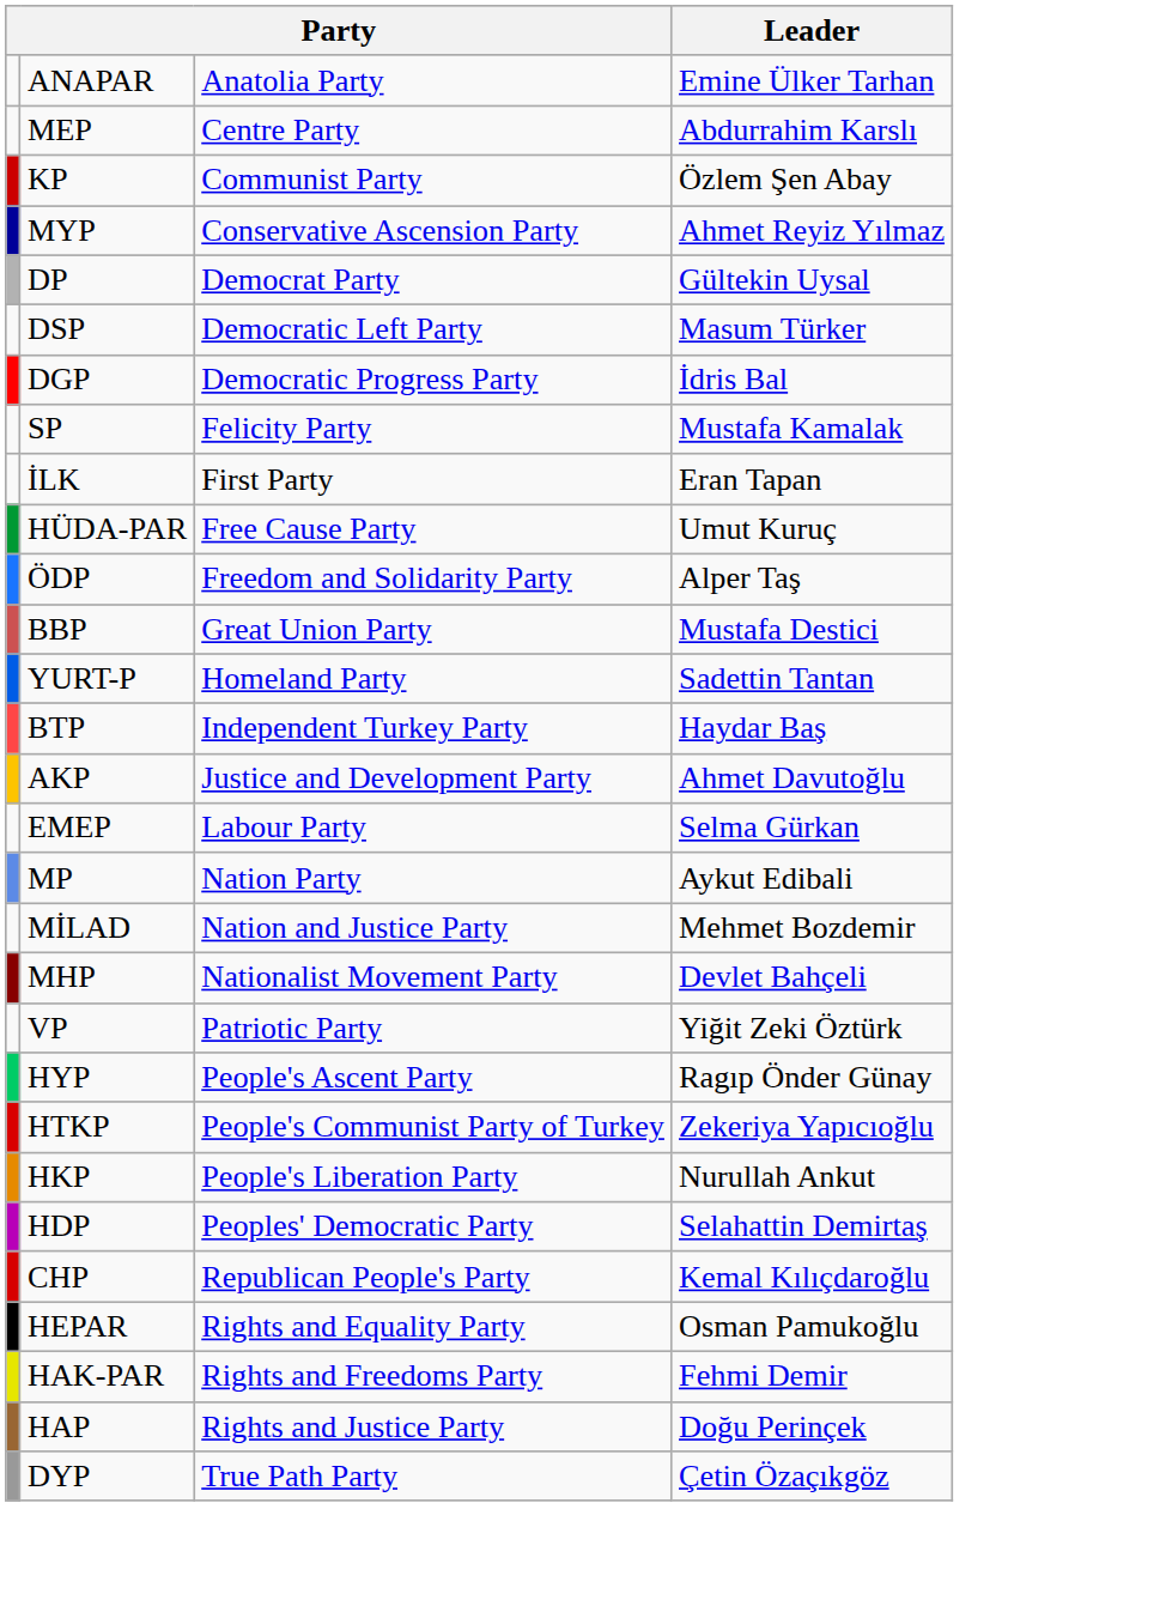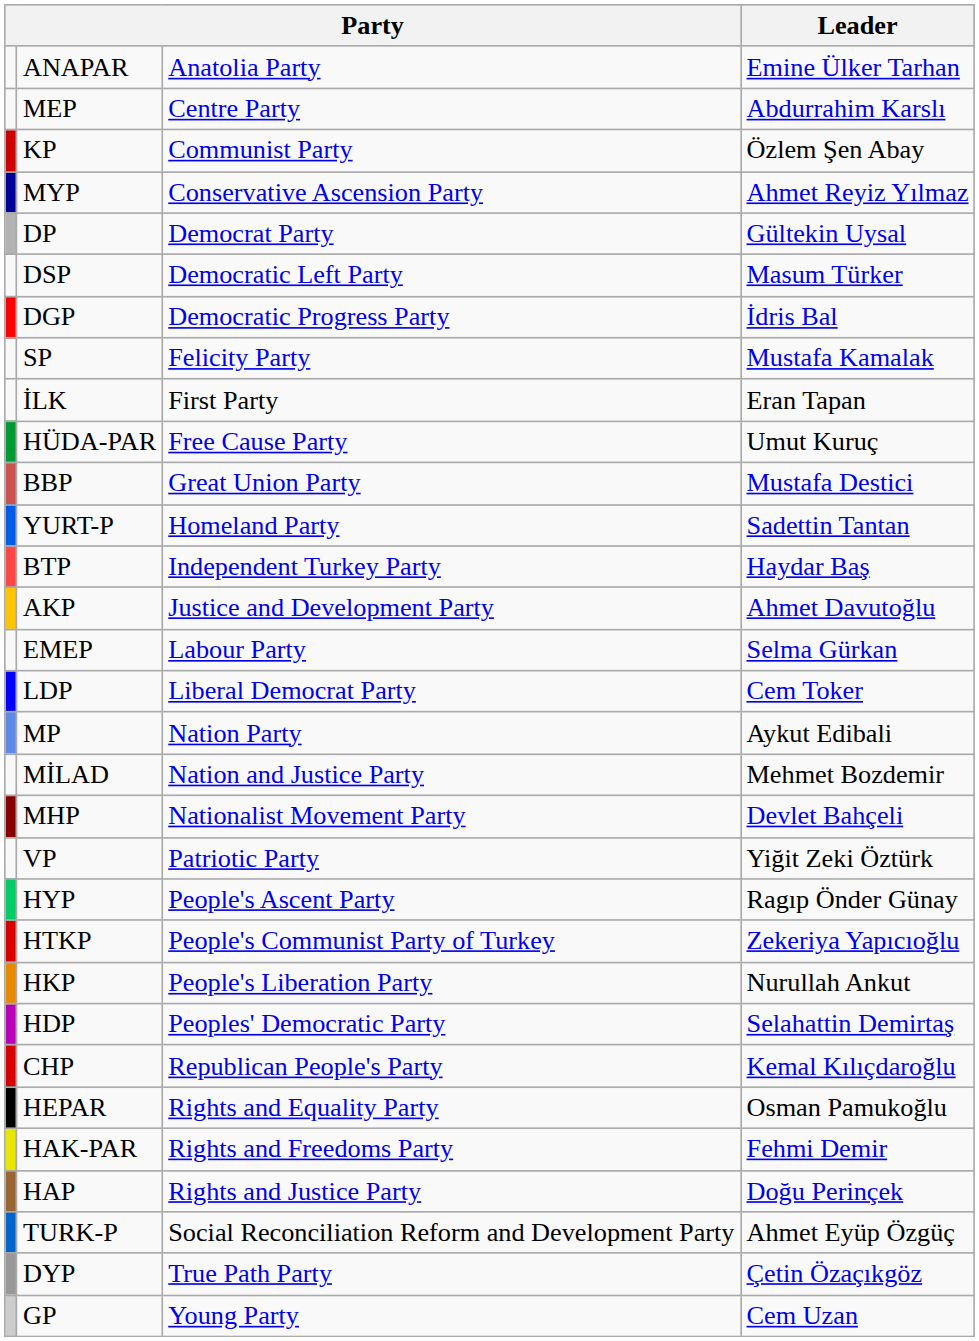 <table class="wikitable">
 <tr>
 <th colspan="3">Party</th>
 <th>Leader</th>
 </tr>
 <tr>
 <td style="background: "></td>
 <td>ANAPAR</td>
 <td><a href='#'>Anatolia Party</a></td>
 <td><a href='#'>Emine Ülker Tarhan</a></td>
 </tr>
 <tr>
 <td style="background: "></td>
 <td>MEP</td>
 <td><a href='#'>Centre Party</a></td>
 <td><a href='#'>Abdurrahim Karslı</a></td>
 </tr>
 <tr>
 <td style="background:#c00;"></td>
 <td>KP</td>
 <td><a href='#'>Communist Party</a></td>
 <td>Özlem Şen Abay</td>
 </tr>
 <tr>
 <td style="background:#009;"></td>
 <td>MYP</td>
 <td><a href='#'>Conservative Ascension Party</a></td>
 <td><a href='#'>Ahmet Reyiz Yılmaz</a></td>
 </tr>
 <tr>
 <td style="background: #B2B2B2"></td>
 <td>DP</td>
 <td><a href='#'>Democrat Party</a></td>
 <td><a href='#'>Gültekin Uysal</a></td>
 </tr>
 <tr>
 <td style="background: "></td>
 <td>DSP</td>
 <td><a href='#'>Democratic Left Party</a></td>
 <td><a href='#'>Masum Türker</a></td>
 </tr>
 <tr>
 <td style="background:#f00;"></td>
 <td>DGP</td>
 <td><a href='#'>Democratic Progress Party</a></td>
 <td><a href='#'>İdris Bal</a></td>
 </tr>
 <tr>
 <td style="background: "></td>
 <td>SP</td>
 <td><a href='#'>Felicity Party</a></td>
 <td><a href='#'>Mustafa Kamalak</a></td>
 </tr>
 <tr>
 <td style="background: "></td>
 <td>İLK</td>
 <td>First Party</td>
 <td>Eran Tapan</td>
 </tr>
 <tr>
 <td style="background:#093;"></td>
 <td>HÜDA-PAR</td>
 <td><a href='#'>Free Cause Party</a></td>
 <td>Umut Kuruç</td>
 </tr>
 <tr>
-<td style="background: #1975FF"></td>
-<td>ÖDP</td>
-<td><a href='#'>Freedom and Solidarity Party</a></td>
-<td>Alper Taş</td>
-</tr>
-<tr>
 <td style="background: #CC5252"></td>
 <td>BBP</td>
 <td><a href='#'>Great Union Party</a></td>
 <td><a href='#'>Mustafa Destici</a></td>
 </tr>
 <tr>
 <td style="background: #005CE6"></td>
 <td>YURT-P</td>
 <td><a href='#'>Homeland Party</a></td>
 <td><a href='#'>Sadettin Tantan</a></td>
 </tr>
 <tr>
 <td style="background: #FF4747"></td>
 <td>BTP</td>
 <td><a href='#'>Independent Turkey Party</a></td>
 <td><a href='#'>Haydar Baş</a></td>
 </tr>
 <tr>
 <td style="background: #FDC400"></td>
 <td>AKP</td>
 <td><a href='#'>Justice and Development Party</a></td>
 <td><a href='#'>Ahmet Davutoğlu</a></td>
 </tr>
 <tr>
 <td style="background:"></td>
 <td>EMEP</td>
 <td><a href='#'>Labour Party</a></td>
 <td><a href='#'>Selma Gürkan</a></td>
+</tr>
+<tr>
+<td style="background:#00f;"></td>
+<td>LDP</td>
+<td><a href='#'>Liberal Democrat Party</a></td>
+<td><a href='#'>Cem Toker</a></td>
 </tr>
 <tr>
 <td style="background: #5C8AE6"></td>
 <td>MP</td>
 <td><a href='#'>Nation Party</a></td>
 <td>Aykut Edibali</td>
 </tr>
 <tr>
 <td style="background:  "></td>
 <td>MİLAD</td>
 <td><a href='#'>Nation and Justice Party</a></td>
 <td>Mehmet Bozdemir</td>
 </tr>
 <tr>
 <td style="background: #870000"></td>
 <td>MHP</td>
 <td><a href='#'>Nationalist Movement Party</a></td>
 <td><a href='#'>Devlet Bahçeli</a></td>
 </tr>
 <tr>
 <td style="background: "></td>
 <td>VP</td>
 <td><a href='#'>Patriotic Party</a></td>
 <td>Yiğit Zeki Öztürk</td>
 </tr>
 <tr>
 <td style="background:#0c6;"></td>
 <td>HYP</td>
 <td><a href='#'>People's Ascent Party</a></td>
 <td>Ragıp Önder Günay</td>
 </tr>
 <tr>
 <td style="background:#d90000;"></td>
 <td>HTKP</td>
 <td><a href='#'>People's Communist Party of Turkey</a></td>
 <td><a href='#'>Zekeriya Yapıcıoğlu</a></td>
 </tr>
 <tr>
 <td style="background: #E68A00"></td>
 <td>HKP</td>
 <td><a href='#'>People's Liberation Party</a></td>
 <td>Nurullah Ankut</td>
 </tr>
 <tr>
 <td style="background: #B800B8"></td>
 <td>HDP</td>
 <td><a href='#'>Peoples' Democratic Party</a></td>
 <td><a href='#'>Selahattin Demirtaş</a></td>
 </tr>
 <tr>
 <td style="background: #D70000"></td>
 <td>CHP</td>
 <td><a href='#'>Republican People's Party</a></td>
 <td><a href='#'>Kemal Kılıçdaroğlu</a></td>
 </tr>
 <tr>
 <td style="background:#000;"></td>
 <td>HEPAR</td>
 <td><a href='#'>Rights and Equality Party</a></td>
 <td>Osman Pamukoğlu</td>
 </tr>
 <tr>
 <td style="background: #E6E600"></td>
 <td>HAK-PAR</td>
 <td><a href='#'>Rights and Freedoms Party</a></td>
 <td><a href='#'>Fehmi Demir</a></td>
 </tr>
 <tr>
 <td style="background:#963;"></td>
 <td>HAP</td>
 <td><a href='#'>Rights and Justice Party</a></td>
 <td><a href='#'>Doğu Perinçek</a></td>
 </tr>
 <tr>
+<td style="background:#06c;"></td>
+<td>TURK-P</td>
+<td>Social Reconciliation Reform and Development Party</td>
+<td>Ahmet Eyüp Özgüç</td>
+</tr>
+<tr>
 <td style="background:#999;"></td>
 <td>DYP</td>
 <td><a href='#'>True Path Party</a></td>
 <td><a href='#'>Çetin Özaçıkgöz</a></td>
 </tr>
+<tr>
+<td style="background:#ccc;"></td>
+<td>GP</td>
+<td><a href='#'>Young Party</a></td>
+<td><a href='#'>Cem Uzan</a></td>
+</tr>
 </table>
